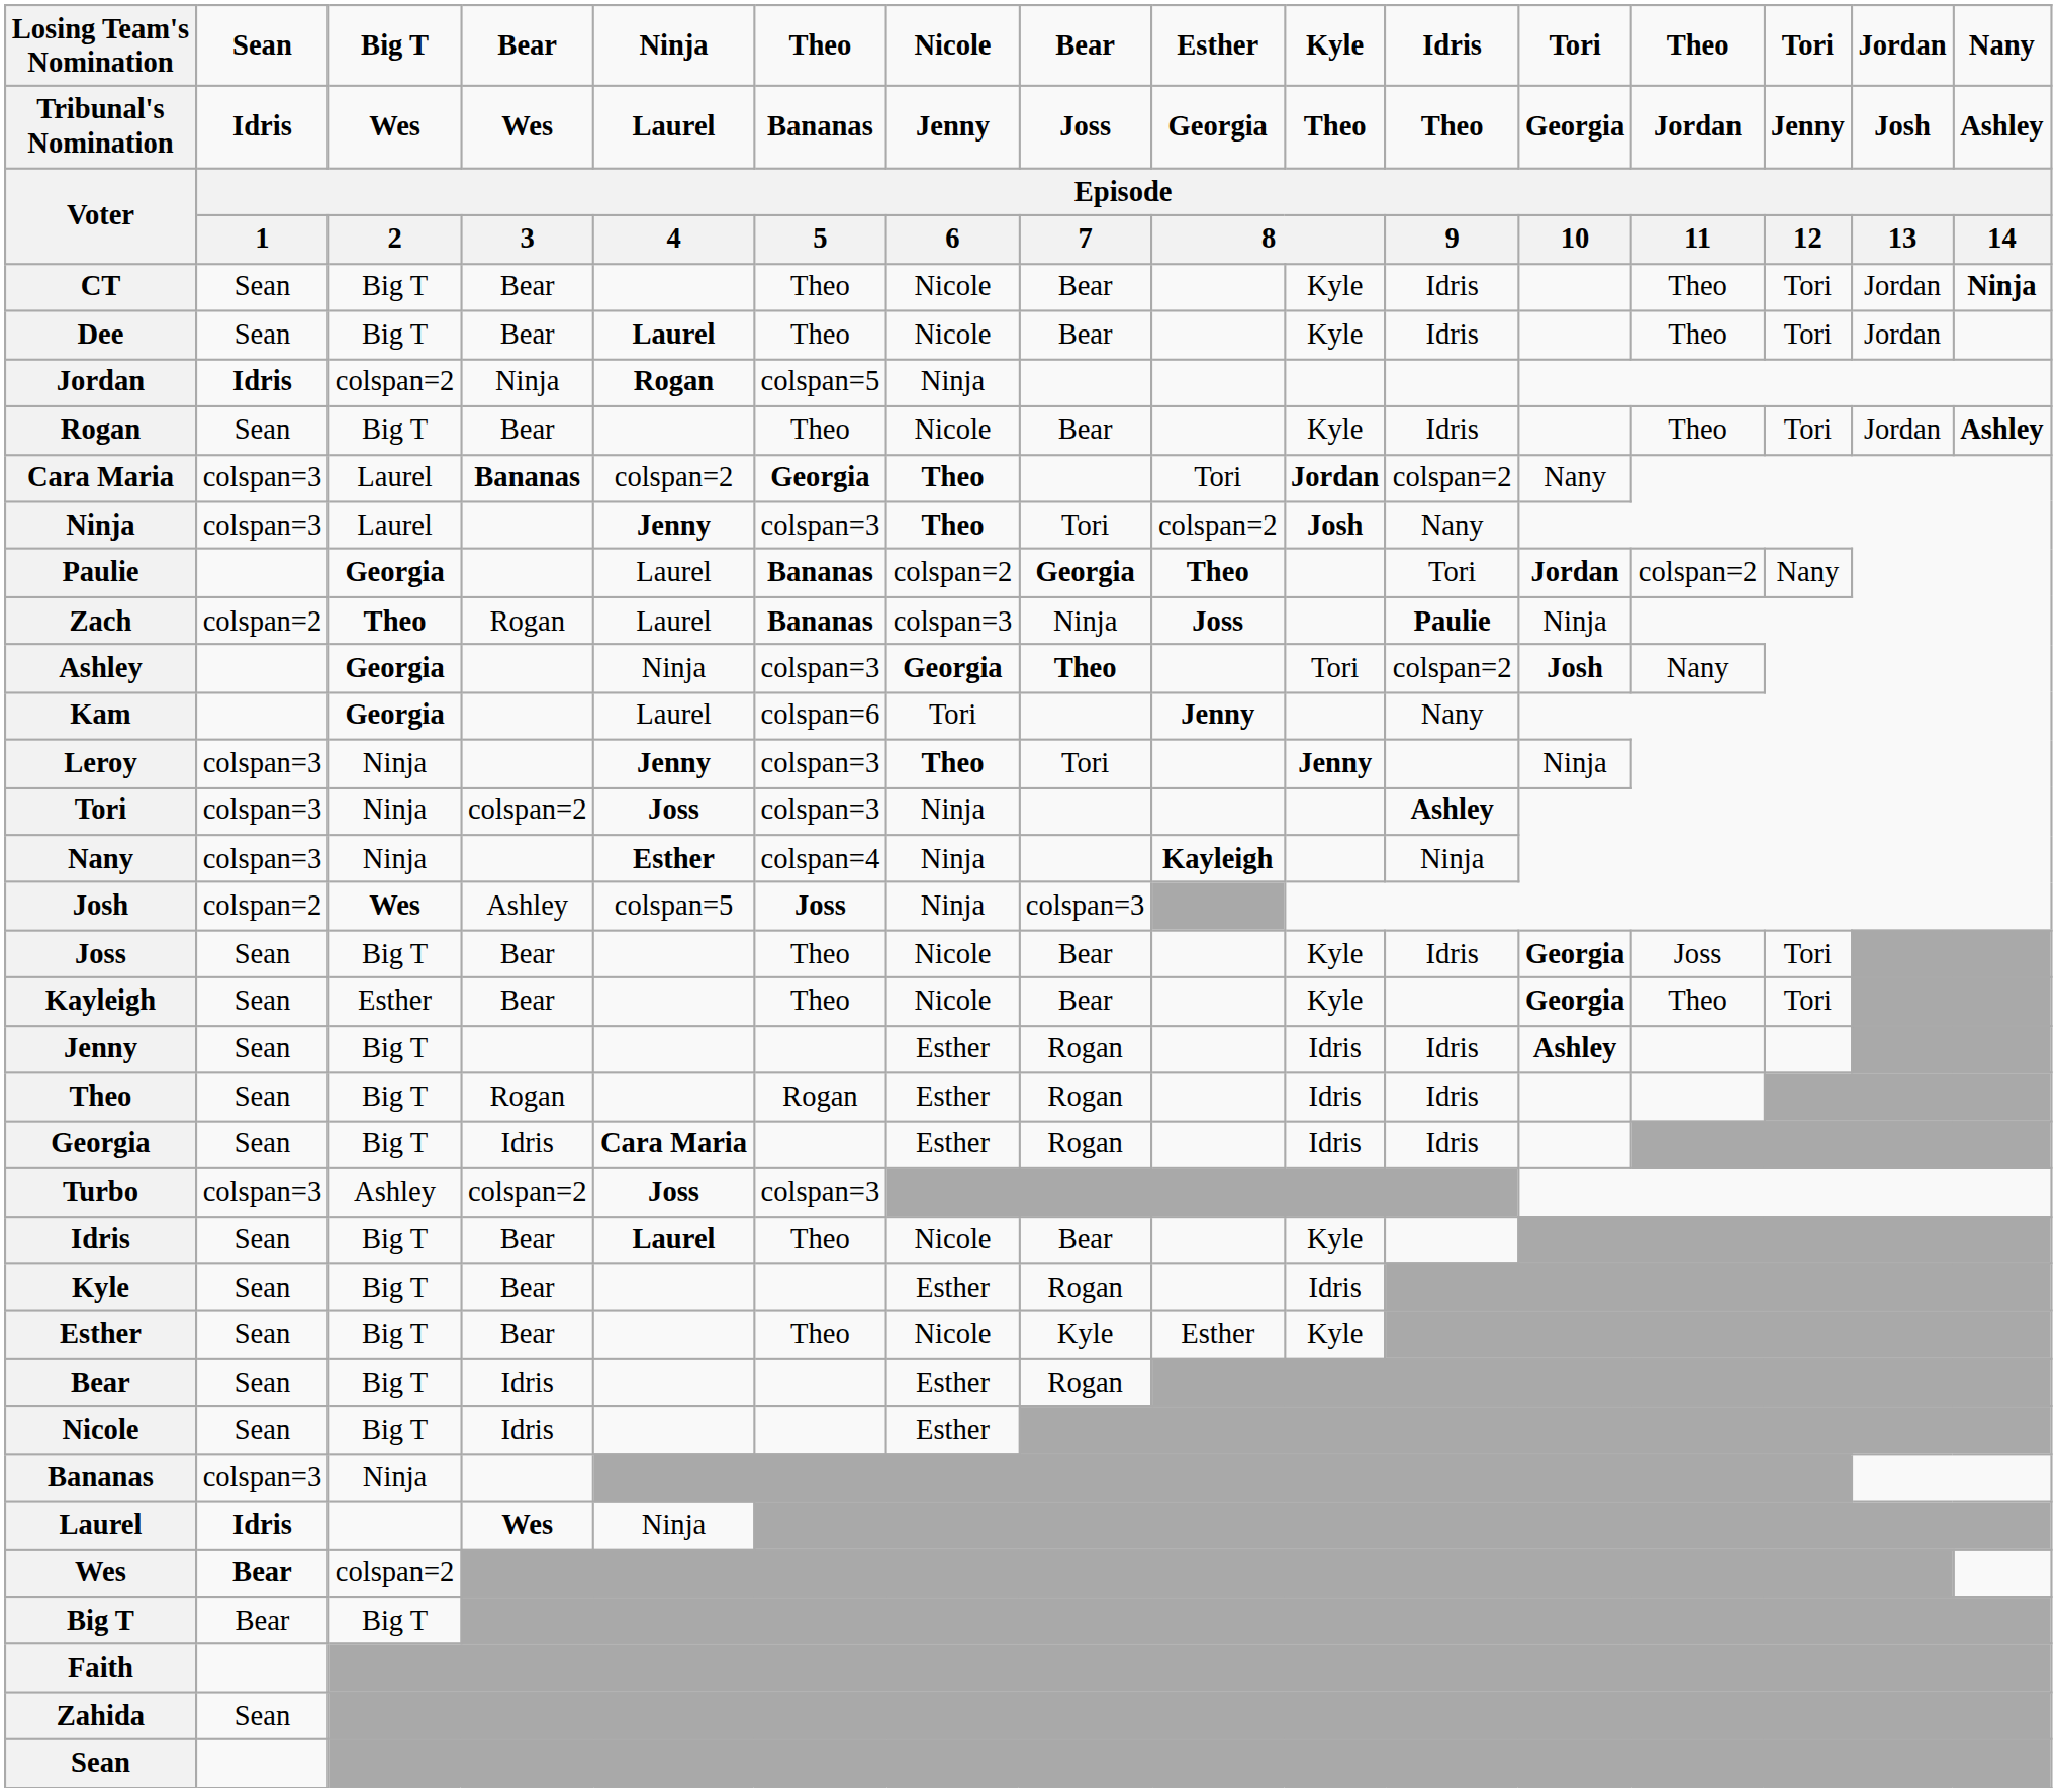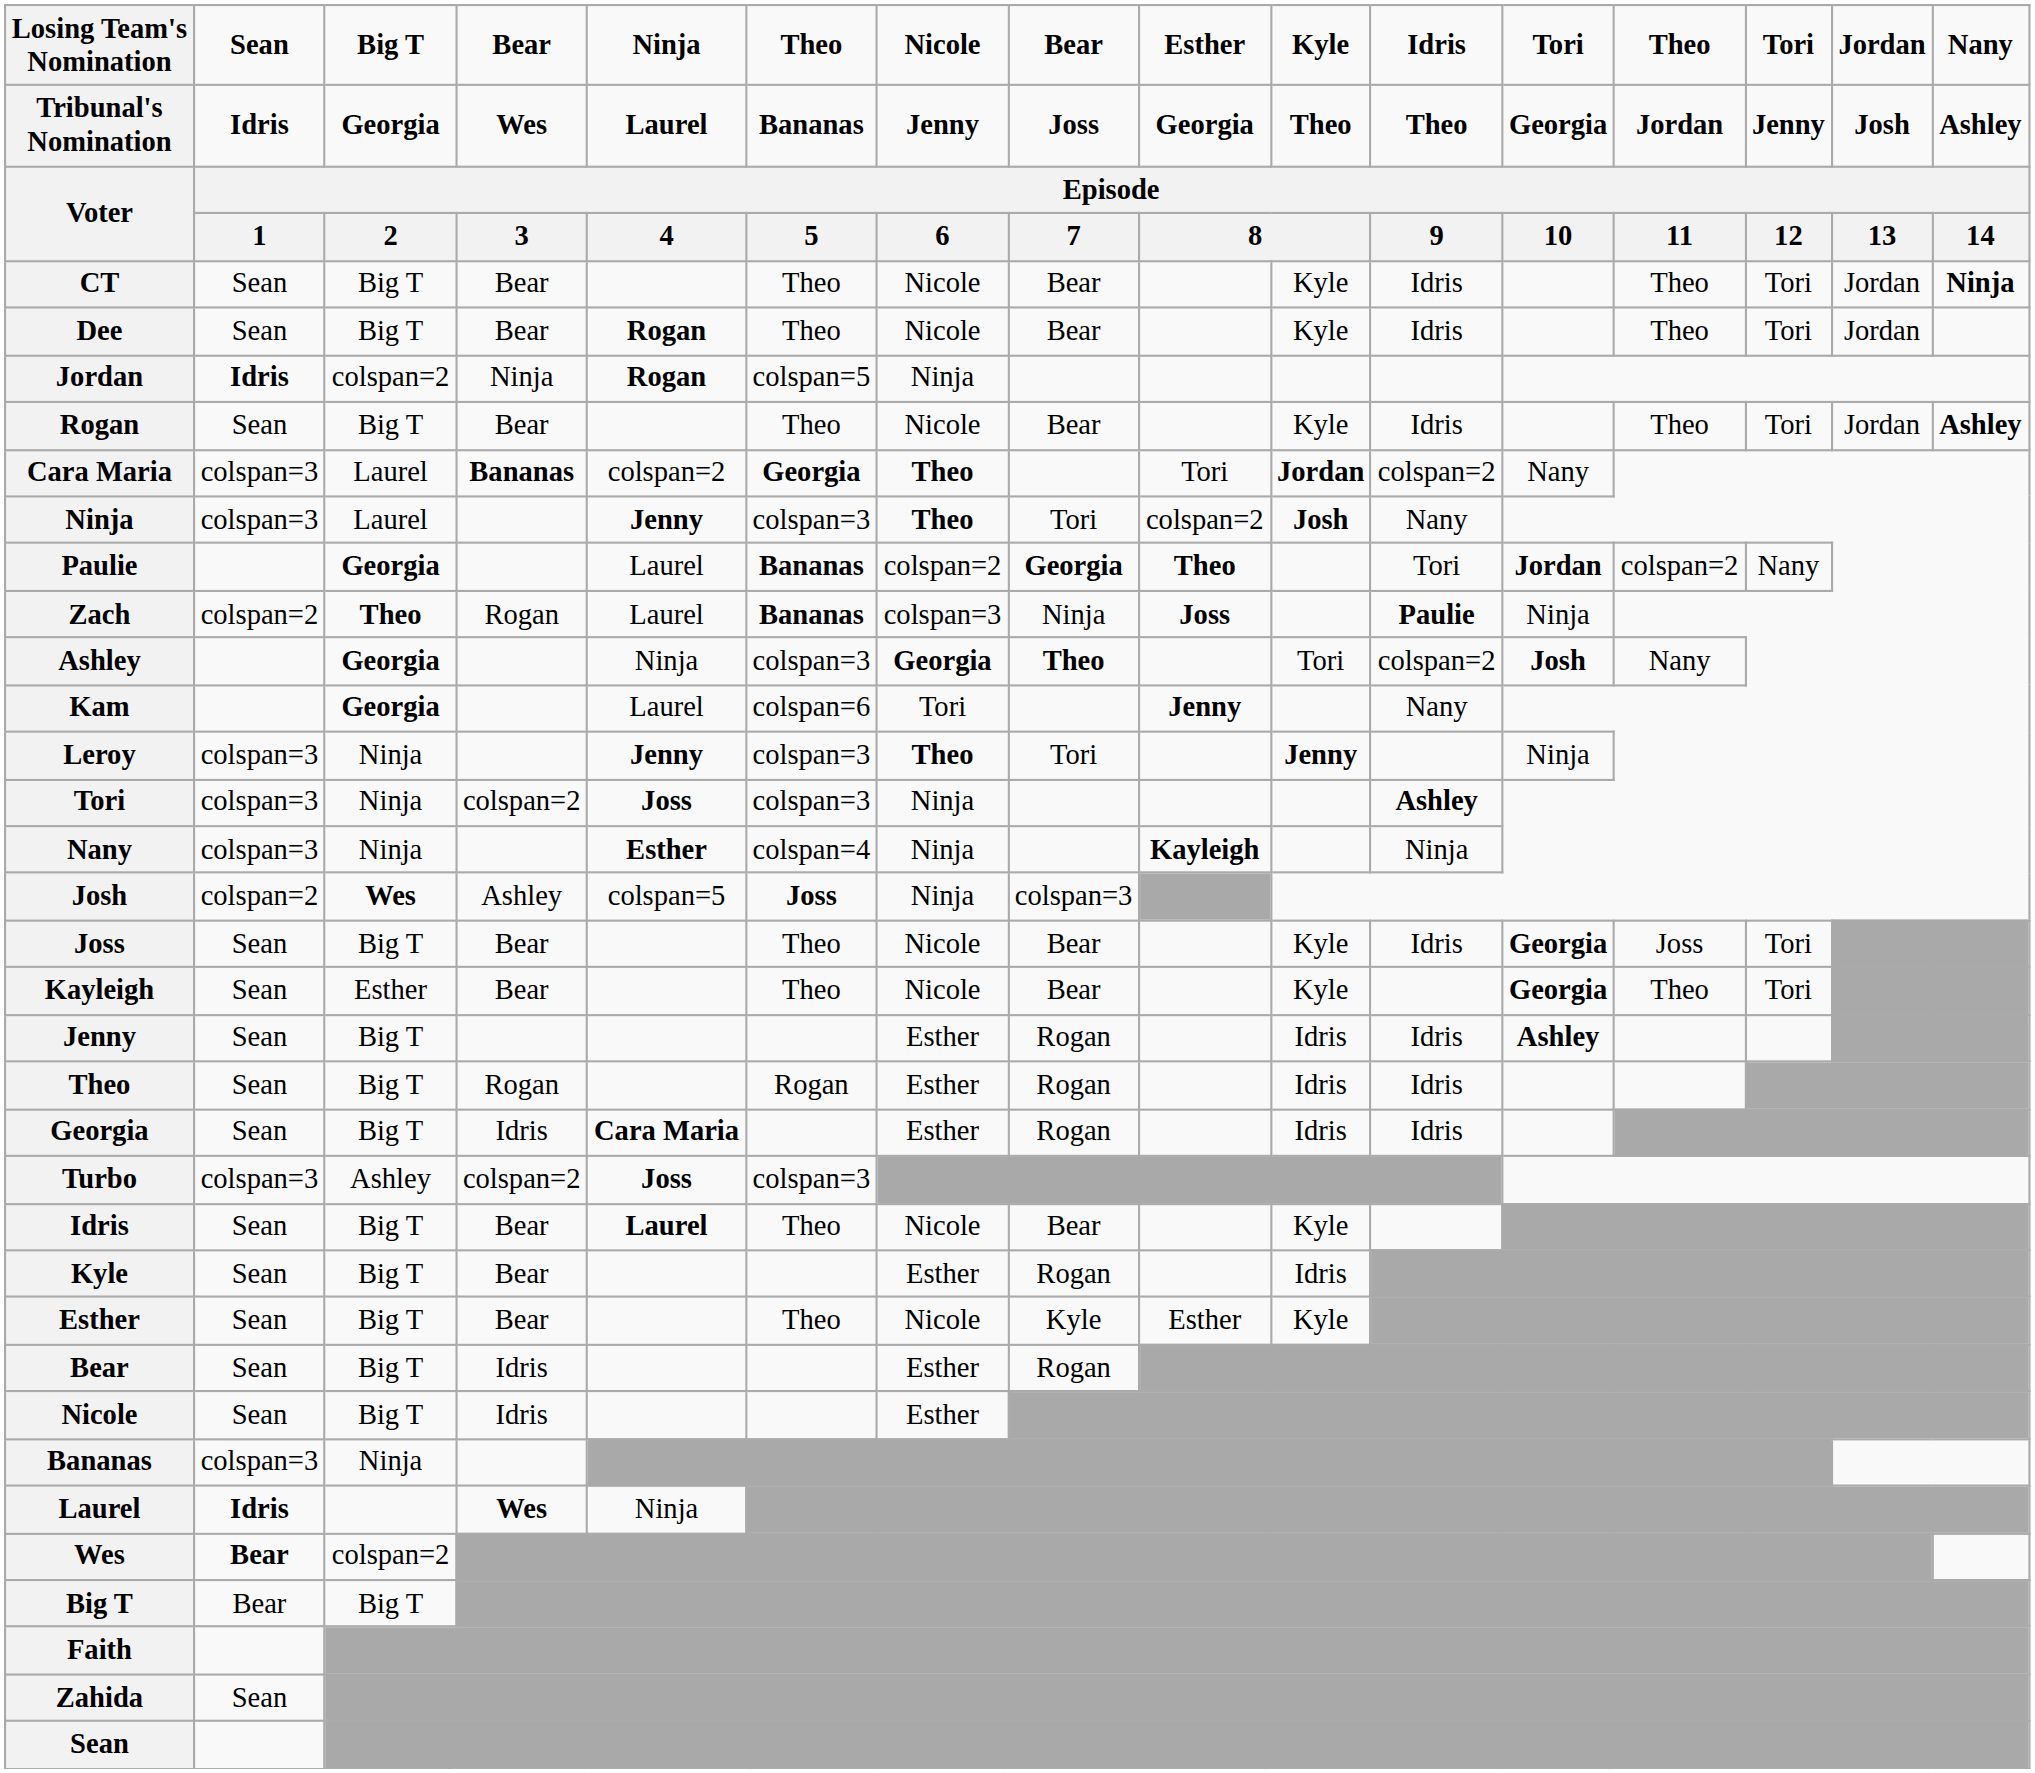 <table class="wikitable" style="text-align:center; font-size:85%">
 <tr>
 <th>Losing Team's<br>Nomination</th>
 <td><strong>Sean</strong><br></td>
 <td><strong>Big T</strong><br></td>
 <td><strong>Bear</strong><br></td>
 <td><strong>Ninja</strong><br></td>
 <td><strong>Theo</strong><br></td>
 <td><strong>Nicole</strong><br></td>
 <td><strong>Bear</strong><br></td>
 <td><strong>Esther</strong><br></td>
 <td><strong>Kyle</strong><br></td>
 <td><strong>Idris</strong><br></td>
 <td><strong>Tori</strong><br></td>
 <td><strong>Theo</strong><br></td>
 <td><strong>Tori</strong><br></td>
 <td><strong>Jordan</strong><br></td>
 <td><strong>Nany</strong><br></td>
 </tr>
 <tr>
 <th>Tribunal's<br>Nomination</th>
 <td><strong>Idris</strong><br></td>
-<td><strong>Wes</strong></td>
+<td><strong>Georgia</strong><br></td>
 <td><strong>Wes</strong><br></td>
 <td><strong>Laurel</strong><br></td>
 <td><strong>Bananas</strong><br></td>
 <td><strong>Jenny</strong><br></td>
 <td><strong>Joss</strong><br></td>
 <td><strong>Georgia</strong><br></td>
 <td><strong>Theo</strong><br></td>
 <td><strong>Theo</strong><br></td>
 <td><strong>Georgia</strong><br></td>
 <td><strong>Jordan</strong><br></td>
 <td><strong>Jenny</strong><br></td>
 <td><strong>Josh</strong><br></td>
 <td><strong>Ashley</strong><br></td>
 </tr>
 <tr>
 <th rowspan=2>Voter</th>
 <th colspan="15">Episode</th>
 </tr>
 <tr>
 <th>1</th>
 <th>2</th>
 <th>3</th>
 <th>4</th>
 <th>5</th>
 <th>6</th>
 <th>7</th>
 <th colspan=2>8</th>
 <th>9</th>
 <th>10</th>
 <th>11</th>
 <th>12</th>
 <th>13</th>
 <th>14</th>
 </tr>
 <tr>
 <th>CT</th>
 <td>Sean</td>
 <td>Big T</td>
 <td>Bear</td>
 <td></td>
 <td>Theo</td>
 <td>Nicole</td>
 <td>Bear</td>
 <td></td>
 <td>Kyle</td>
 <td>Idris</td>
 <td></td>
 <td>Theo</td>
 <td>Tori</td>
 <td>Jordan</td>
 <td><strong>Ninja</strong></td>
 </tr>
 <tr>
 <th>Dee</th>
 <td>Sean</td>
 <td>Big T</td>
 <td>Bear</td>
-<td><strong>Laurel</strong></td>
+<td><strong>Rogan</strong></td>
 <td>Theo</td>
 <td>Nicole</td>
 <td>Bear</td>
 <td></td>
 <td>Kyle</td>
 <td>Idris</td>
 <td></td>
 <td>Theo</td>
 <td>Tori</td>
 <td>Jordan</td>
 <td></td>
 </tr>
 <tr>
 <th>Jordan</th>
 <td><strong>Idris</strong></td>
 <td>colspan=2 </td>
 <td>Ninja</td>
 <td><strong>Rogan</strong></td>
 <td>colspan=5 </td>
 <td>Ninja</td>
 <td></td>
 <td></td>
 <td></td>
 <td></td>
 </tr>
 <tr>
 <th>Rogan</th>
 <td>Sean</td>
 <td>Big T</td>
 <td>Bear</td>
 <td></td>
 <td>Theo</td>
 <td>Nicole</td>
 <td>Bear</td>
 <td></td>
 <td>Kyle</td>
 <td>Idris</td>
 <td></td>
 <td>Theo</td>
 <td>Tori</td>
 <td>Jordan</td>
 <td><strong>Ashley</strong></td>
 </tr>
 <tr>
 <th>Cara Maria</th>
 <td>colspan=3 </td>
 <td>Laurel</td>
 <td><strong>Bananas</strong></td>
 <td>colspan=2 </td>
 <td><strong>Georgia</strong></td>
 <td><strong>Theo</strong></td>
 <td></td>
 <td>Tori</td>
 <td><strong>Jordan</strong></td>
 <td>colspan=2 </td>
 <td>Nany</td>
 </tr>
 <tr>
 <th>Ninja</th>
 <td>colspan=3 </td>
 <td>Laurel</td>
 <td></td>
 <td><strong>Jenny</strong></td>
 <td>colspan=3 </td>
 <td><strong>Theo</strong></td>
 <td>Tori</td>
 <td>colspan=2 </td>
 <td><strong>Josh</strong></td>
 <td>Nany</td>
 </tr>
 <tr>
 <th>Paulie</th>
 <td></td>
 <td><strong>Georgia</strong></td>
 <td></td>
 <td>Laurel</td>
 <td><strong>Bananas</strong></td>
 <td>colspan=2 </td>
 <td><strong>Georgia</strong></td>
 <td><strong>Theo</strong></td>
 <td></td>
 <td>Tori</td>
 <td><strong>Jordan</strong></td>
 <td>colspan=2 </td>
 <td>Nany</td>
 </tr>
 <tr>
 <th>Zach</th>
 <td>colspan=2 </td>
 <td><strong>Theo</strong></td>
 <td>Rogan</td>
 <td>Laurel</td>
 <td><strong>Bananas</strong><br></td>
 <td>colspan=3 </td>
 <td>Ninja</td>
 <td><strong>Joss</strong></td>
 <td></td>
 <td><strong>Paulie</strong></td>
 <td>Ninja</td>
 </tr>
 <tr>
 <th>Ashley</th>
 <td></td>
 <td><strong>Georgia</strong></td>
 <td></td>
 <td>Ninja</td>
 <td>colspan=3 </td>
 <td><strong>Georgia</strong></td>
 <td><strong>Theo</strong></td>
 <td></td>
 <td>Tori</td>
 <td>colspan=2 </td>
 <td><strong>Josh</strong></td>
 <td>Nany</td>
 </tr>
 <tr>
 <th>Kam</th>
 <td></td>
 <td><strong>Georgia</strong></td>
 <td></td>
 <td>Laurel</td>
 <td>colspan=6 </td>
 <td>Tori</td>
 <td></td>
 <td><strong>Jenny</strong></td>
 <td></td>
 <td>Nany</td>
 </tr>
 <tr>
 <th>Leroy</th>
 <td>colspan=3 </td>
 <td>Ninja</td>
 <td></td>
 <td><strong>Jenny</strong></td>
 <td>colspan=3 </td>
 <td><strong>Theo</strong></td>
 <td>Tori</td>
 <td></td>
 <td><strong>Jenny</strong></td>
 <td></td>
 <td>Ninja</td>
 </tr>
 <tr>
 <th>Tori</th>
 <td>colspan=3 </td>
 <td>Ninja</td>
 <td>colspan=2 </td>
 <td><strong>Joss</strong></td>
 <td>colspan=3 </td>
 <td>Ninja</td>
 <td></td>
 <td></td>
 <td></td>
 <td><strong>Ashley</strong></td>
 </tr>
 <tr>
 <th>Nany</th>
 <td>colspan=3 </td>
 <td>Ninja</td>
 <td></td>
 <td><strong>Esther</strong></td>
 <td>colspan=4 </td>
 <td>Ninja</td>
 <td></td>
 <td><strong>Kayleigh</strong></td>
 <td></td>
 <td>Ninja</td>
 </tr>
 <tr>
 <th>Josh</th>
 <td>colspan=2 </td>
 <td><strong>Wes</strong></td>
 <td>Ashley</td>
 <td>colspan=5 </td>
 <td><strong>Joss</strong></td>
 <td>Ninja</td>
 <td>colspan=3 </td>
 <td bgcolor="darkgray"></td>
 </tr>
 <tr>
 <th>Joss</th>
 <td>Sean</td>
 <td>Big T</td>
 <td>Bear</td>
 <td></td>
 <td>Theo</td>
 <td>Nicole</td>
 <td>Bear</td>
 <td></td>
 <td>Kyle</td>
 <td>Idris</td>
 <td><strong>Georgia</strong></td>
 <td>Joss</td>
 <td>Tori</td>
 <td colspan="2" bgcolor="darkgray"></td>
 </tr>
 <tr>
 <th>Kayleigh</th>
 <td>Sean</td>
 <td>Esther</td>
 <td>Bear</td>
 <td></td>
 <td>Theo</td>
 <td>Nicole</td>
 <td>Bear</td>
 <td></td>
 <td>Kyle</td>
 <td></td>
 <td><strong>Georgia</strong></td>
 <td>Theo</td>
 <td>Tori</td>
 <td colspan="2" bgcolor="darkgray"></td>
 </tr>
 <tr>
 <th>Jenny</th>
 <td>Sean</td>
 <td>Big T</td>
 <td></td>
 <td></td>
 <td></td>
 <td>Esther</td>
 <td>Rogan</td>
 <td></td>
 <td>Idris</td>
 <td>Idris</td>
 <td><strong>Ashley</strong></td>
 <td></td>
 <td></td>
 <td colspan="2" bgcolor="darkgray"></td>
 </tr>
 <tr>
 <th>Theo</th>
 <td>Sean</td>
 <td>Big T</td>
 <td>Rogan</td>
 <td></td>
 <td>Rogan</td>
 <td>Esther</td>
 <td>Rogan</td>
 <td></td>
 <td>Idris</td>
 <td>Idris</td>
 <td></td>
 <td></td>
 <td colspan="3" bgcolor="darkgray"></td>
 </tr>
 <tr>
 <th>Georgia</th>
 <td>Sean</td>
 <td>Big T</td>
 <td>Idris</td>
 <td><strong>Cara Maria</strong></td>
 <td></td>
 <td>Esther</td>
 <td>Rogan</td>
 <td></td>
 <td>Idris</td>
 <td>Idris</td>
 <td></td>
 <td colspan="4" bgcolor="darkgray"></td>
 </tr>
 <tr>
 <th>Turbo</th>
 <td>colspan=3 </td>
 <td>Ashley</td>
 <td>colspan=2 </td>
 <td><strong>Joss</strong></td>
 <td>colspan=3 </td>
 <td colspan="5" bgcolor="darkgray"></td>
 </tr>
 <tr>
 <th>Idris</th>
 <td>Sean</td>
 <td>Big T</td>
 <td>Bear</td>
 <td><strong>Laurel</strong></td>
 <td>Theo</td>
 <td>Nicole</td>
 <td>Bear</td>
 <td></td>
 <td>Kyle</td>
 <td></td>
 <td colspan="5" bgcolor="darkgray"></td>
 </tr>
 <tr>
 <th>Kyle</th>
 <td>Sean</td>
 <td>Big T</td>
 <td>Bear</td>
 <td></td>
 <td></td>
 <td>Esther</td>
 <td>Rogan</td>
 <td></td>
 <td>Idris</td>
 <td colspan="6" bgcolor="darkgray"></td>
 </tr>
 <tr>
 <th>Esther</th>
 <td>Sean</td>
 <td>Big T</td>
 <td>Bear</td>
 <td></td>
 <td>Theo</td>
 <td>Nicole</td>
 <td>Kyle</td>
 <td>Esther</td>
 <td>Kyle</td>
 <td colspan="6" bgcolor="darkgray"></td>
 </tr>
 <tr>
 <th>Bear</th>
 <td>Sean</td>
 <td>Big T</td>
 <td>Idris</td>
 <td></td>
 <td></td>
 <td>Esther</td>
 <td>Rogan</td>
 <td colspan="8" bgcolor="darkgray"></td>
 </tr>
 <tr>
 <th>Nicole</th>
 <td>Sean</td>
 <td>Big T</td>
 <td>Idris</td>
 <td></td>
 <td></td>
 <td>Esther</td>
 <td colspan="9" bgcolor="darkgray"></td>
 </tr>
 <tr>
 <th>Bananas</th>
 <td>colspan=3 </td>
 <td>Ninja</td>
 <td></td>
 <td colspan="10" bgcolor="darkgray"></td>
 </tr>
 <tr>
 <th>Laurel</th>
 <td><strong>Idris</strong></td>
 <td></td>
 <td><strong>Wes</strong></td>
 <td>Ninja</td>
 <td colspan="11" bgcolor="darkgray"></td>
 </tr>
 <tr>
 <th>Wes</th>
 <td><strong>Bear</strong></td>
 <td>colspan=2 </td>
 <td colspan="12" bgcolor="darkgray"></td>
 </tr>
 <tr>
 <th>Big T</th>
 <td>Bear</td>
 <td>Big T</td>
 <td colspan="13" bgcolor="darkgray"></td>
 </tr>
 <tr>
 <th>Faith</th>
 <td></td>
 <td colspan="14" bgcolor="darkgray"></td>
 </tr>
 <tr>
 <th>Zahida</th>
 <td>Sean</td>
 <td colspan="14" bgcolor="darkgray"></td>
 </tr>
 <tr>
 <th>Sean</th>
 <td></td>
 <td colspan="14" bgcolor="darkgray"></td>
 </tr>
 </table>
